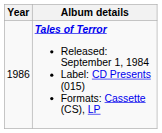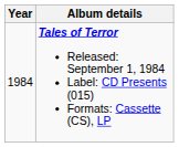 <table class ="wikitable" border="1">
 <tr>
 <th>Year</th>
 <th width="185">Album details</th>
 </tr>
 <tr>
-<td>1986</td>
+<td>1984</td>
 <td><strong><em><a href='#'>Tales of Terror</a></em></strong><br><ul><li>Released: September 1, 1984</li><li>Label: <a href='#'>CD Presents</a> (015)</li><li>Formats: <a href='#'>Cassette</a> (CS),  <a href='#'>LP</a></li></ul></td>
 </tr>
 </table>
